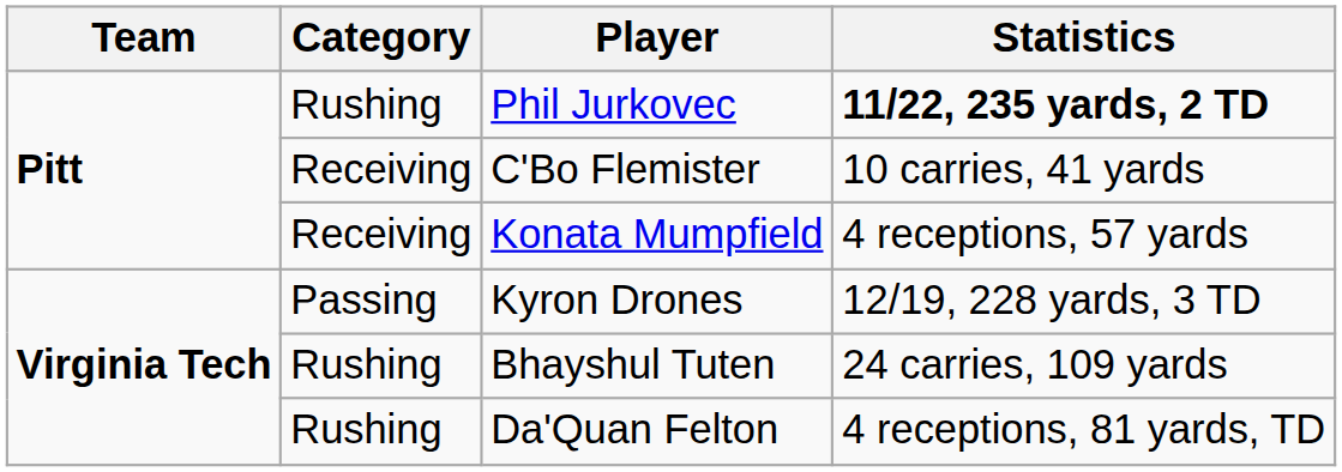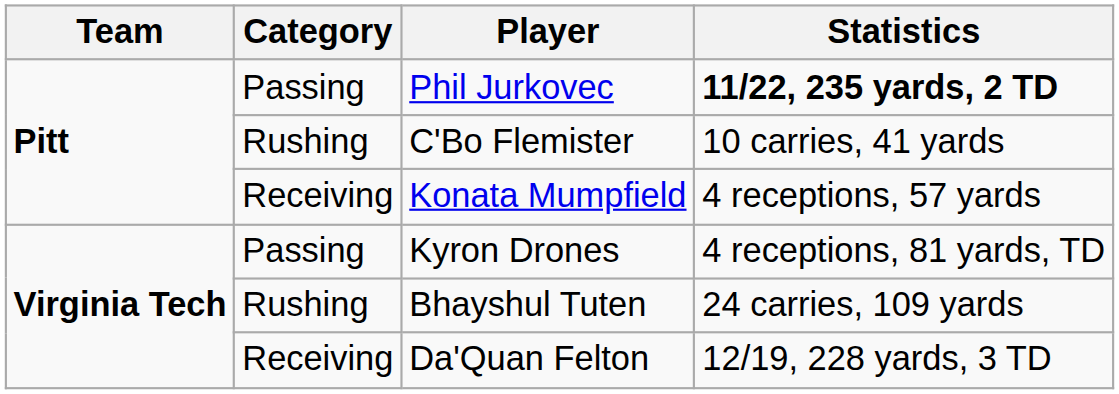 <table class="wikitable" style="float: right;">
 <tr>
 <th>Team</th>
 <th>Category</th>
 <th>Player</th>
 <th>Statistics</th>
 </tr>
 <tr>
 <td rowspan=3><strong>Pitt</strong></td>
-<td>Rushing</td>
+<td>Passing</td>
 <td><a href='#'>Phil Jurkovec</a></td>
 <td><strong>11/22, 235 yards, 2 TD</strong></td>
 </tr>
 <tr>
-<td>Receiving</td>
+<td>Rushing</td>
 <td>C'Bo Flemister</td>
 <td>10 carries, 41 yards</td>
 </tr>
 <tr>
 <td>Receiving</td>
 <td><a href='#'>Konata Mumpfield</a></td>
 <td>4 receptions, 57 yards</td>
 </tr>
 <tr>
 <td rowspan=3><strong>Virginia Tech</strong></td>
 <td>Passing</td>
 <td>Kyron Drones</td>
-<td>12/19, 228 yards, 3 TD</td>
+<td>4 receptions, 81 yards, TD</td>
 </tr>
 <tr>
 <td>Rushing</td>
 <td>Bhayshul Tuten</td>
 <td>24 carries, 109 yards</td>
 </tr>
 <tr>
-<td>Rushing</td>
+<td>Receiving</td>
 <td>Da'Quan Felton</td>
-<td>4 receptions, 81 yards, TD</td>
+<td>12/19, 228 yards, 3 TD</td>
 </tr>
 </table>
